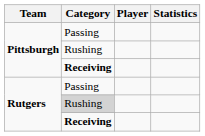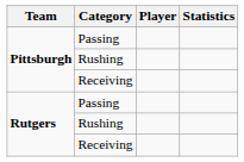 <table class="wikitable" style="float: right;">
 <tr>
 <th>Team</th>
 <th>Category</th>
 <th>Player</th>
 <th>Statistics</th>
 </tr>
 <tr>
 <td rowspan=3><strong>Pittsburgh</strong></td>
 <td>Passing</td>
 <td></td>
 <td></td>
 </tr>
 <tr>
 <td>Rushing</td>
 <td></td>
 <td></td>
 </tr>
 <tr>
-<td><strong>Receiving</strong></td>
+<td>Receiving</td>
 <td></td>
 <td></td>
 </tr>
 <tr>
 <td rowspan=3><strong>Rutgers</strong></td>
 <td>Passing</td>
 <td></td>
 <td></td>
 </tr>
 <tr>
-<td style="background: lightgrey;">Rushing</td>
+<td>Rushing</td>
 <td></td>
 <td></td>
 </tr>
 <tr>
-<td><strong>Receiving</strong></td>
+<td>Receiving</td>
 <td></td>
 <td></td>
 </tr>
 </table>
